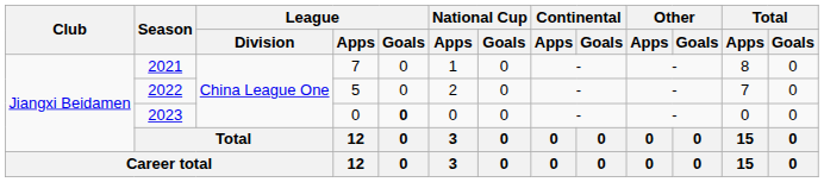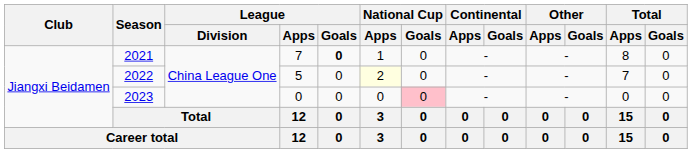 <table class="wikitable" style="text-align: center">
 <tr>
 <th rowspan="2">Club</th>
 <th rowspan="2">Season</th>
 <th colspan="3">League</th>
 <th colspan="2">National Cup</th>
 <th colspan="2">Continental</th>
 <th colspan="2">Other</th>
 <th colspan="2">Total</th>
 </tr>
 <tr>
 <th>Division</th>
 <th>Apps</th>
 <th>Goals</th>
 <th>Apps</th>
 <th>Goals</th>
 <th>Apps</th>
 <th>Goals</th>
 <th>Apps</th>
 <th>Goals</th>
 <th>Apps</th>
 <th>Goals</th>
 </tr>
 <tr>
 <td rowspan=4><a href='#'>Jiangxi Beidamen</a></td>
 <td><a href='#'>2021</a></td>
 <td rowspan=3><a href='#'>China League One</a></td>
 <td>7</td>
-<td>0</td>
+<td><strong>0</strong></td>
 <td>1</td>
 <td>0</td>
 <td colspan="2">-</td>
 <td colspan="2">-</td>
 <td>8</td>
 <td>0</td>
 </tr>
 <tr>
 <td><a href='#'>2022</a></td>
 <td>5</td>
 <td>0</td>
-<td>2</td>
+<td style="background: lightyellow;">2</td>
 <td>0</td>
 <td colspan="2">-</td>
 <td colspan="2">-</td>
 <td>7</td>
 <td>0</td>
 </tr>
 <tr>
 <td><a href='#'>2023</a></td>
 <td>0</td>
-<td><strong>0</strong></td>
 <td>0</td>
 <td>0</td>
+<td style="background: pink;">0</td>
 <td colspan="2">-</td>
 <td colspan="2">-</td>
 <td>0</td>
 <td>0</td>
 </tr>
 <tr>
 <th colspan=2>Total</th>
 <th>12</th>
 <th>0</th>
 <th>3</th>
 <th>0</th>
 <th>0</th>
 <th>0</th>
 <th>0</th>
 <th>0</th>
 <th>15</th>
 <th>0</th>
 </tr>
 <tr>
 <th colspan=3>Career total</th>
 <th>12</th>
 <th>0</th>
 <th>3</th>
 <th>0</th>
 <th>0</th>
 <th>0</th>
 <th>0</th>
 <th>0</th>
 <th>15</th>
 <th>0</th>
 </tr>
 </table>
